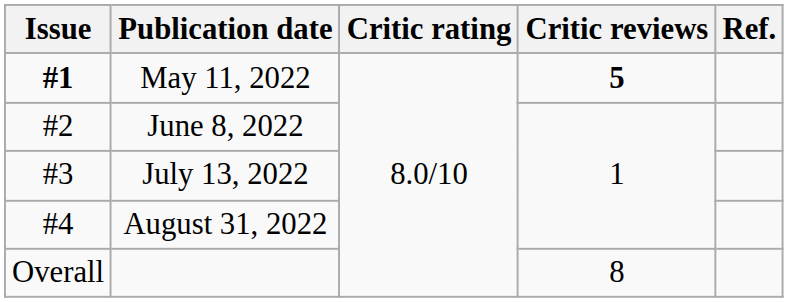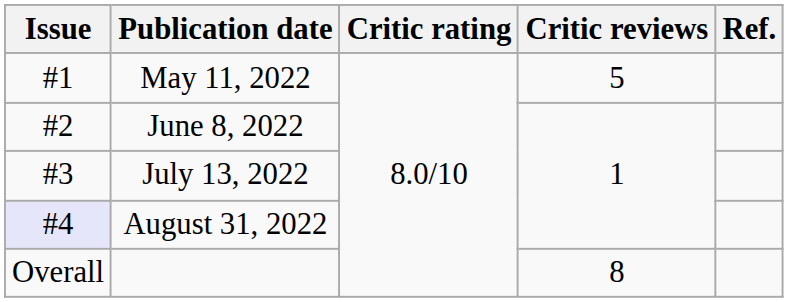 <table class="wikitable" style="text-align: center;">
 <tr>
 <th>Issue</th>
 <th>Publication date</th>
 <th>Critic rating</th>
 <th>Critic reviews</th>
 <th>Ref.</th>
 </tr>
 <tr>
-<td><strong>#1</strong></td>
+<td>#1</td>
 <td>May 11, 2022</td>
 <td rowspan="5">8.0/10</td>
-<td><strong>5</strong></td>
+<td>5</td>
 <td></td>
 </tr>
 <tr>
 <td>#2</td>
 <td>June 8, 2022</td>
 <td rowspan="3">1</td>
 <td></td>
 </tr>
 <tr>
 <td>#3</td>
 <td>July 13, 2022</td>
 <td></td>
 </tr>
 <tr>
-<td>#4</td>
+<td style="background: lavender;">#4</td>
 <td>August 31, 2022</td>
 <td></td>
 </tr>
 <tr>
 <td>Overall</td>
 <td></td>
 <td>8</td>
 <td></td>
 </tr>
 </table>
